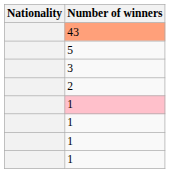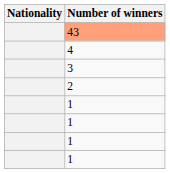 <table class="wikitable plainrowheaders">
 <tr>
 <th scope="col">Nationality</th>
 <th scope="col">Number of winners</th>
 </tr>
 <tr>
 <th scope="row"></th>
 <td style="background: lightsalmon;">43</td>
 </tr>
 <tr>
 <th scope="row"></th>
-<td>5</td>
+<td>4</td>
 </tr>
 <tr>
 <th scope="row"></th>
 <td>3</td>
 </tr>
 <tr>
 <th scope="row"></th>
 <td>2</td>
 </tr>
 <tr>
 <th scope="row"></th>
-<td style="background: pink;">1</td>
+<td>1</td>
 </tr>
 <tr>
 <th scope="row"></th>
 <td>1</td>
 </tr>
 <tr>
 <th scope="row"></th>
 <td>1</td>
 </tr>
 <tr>
 <th scope="row"></th>
 <td>1</td>
 </tr>
 </table>
